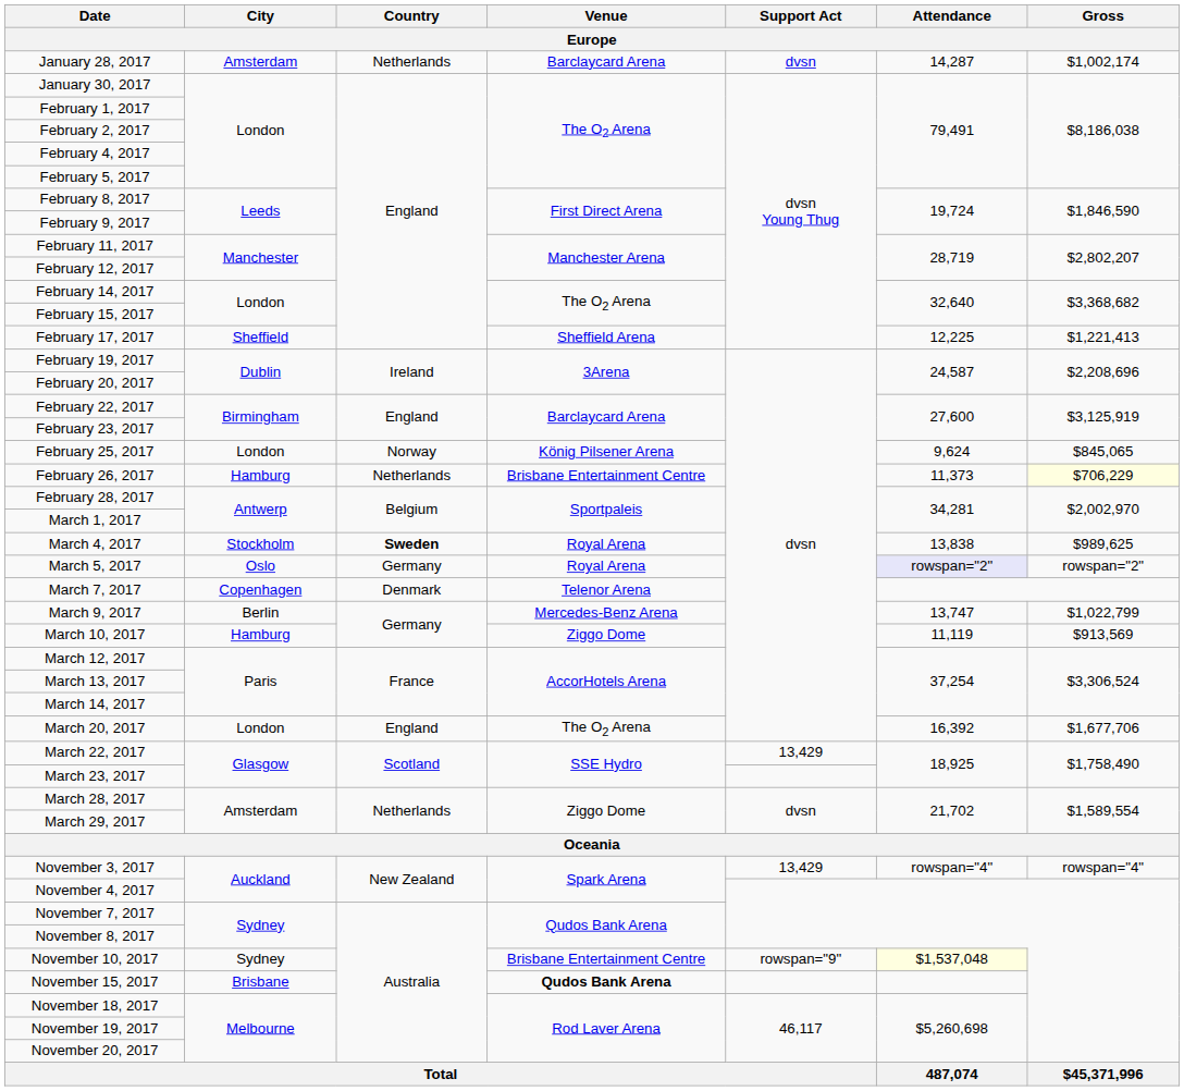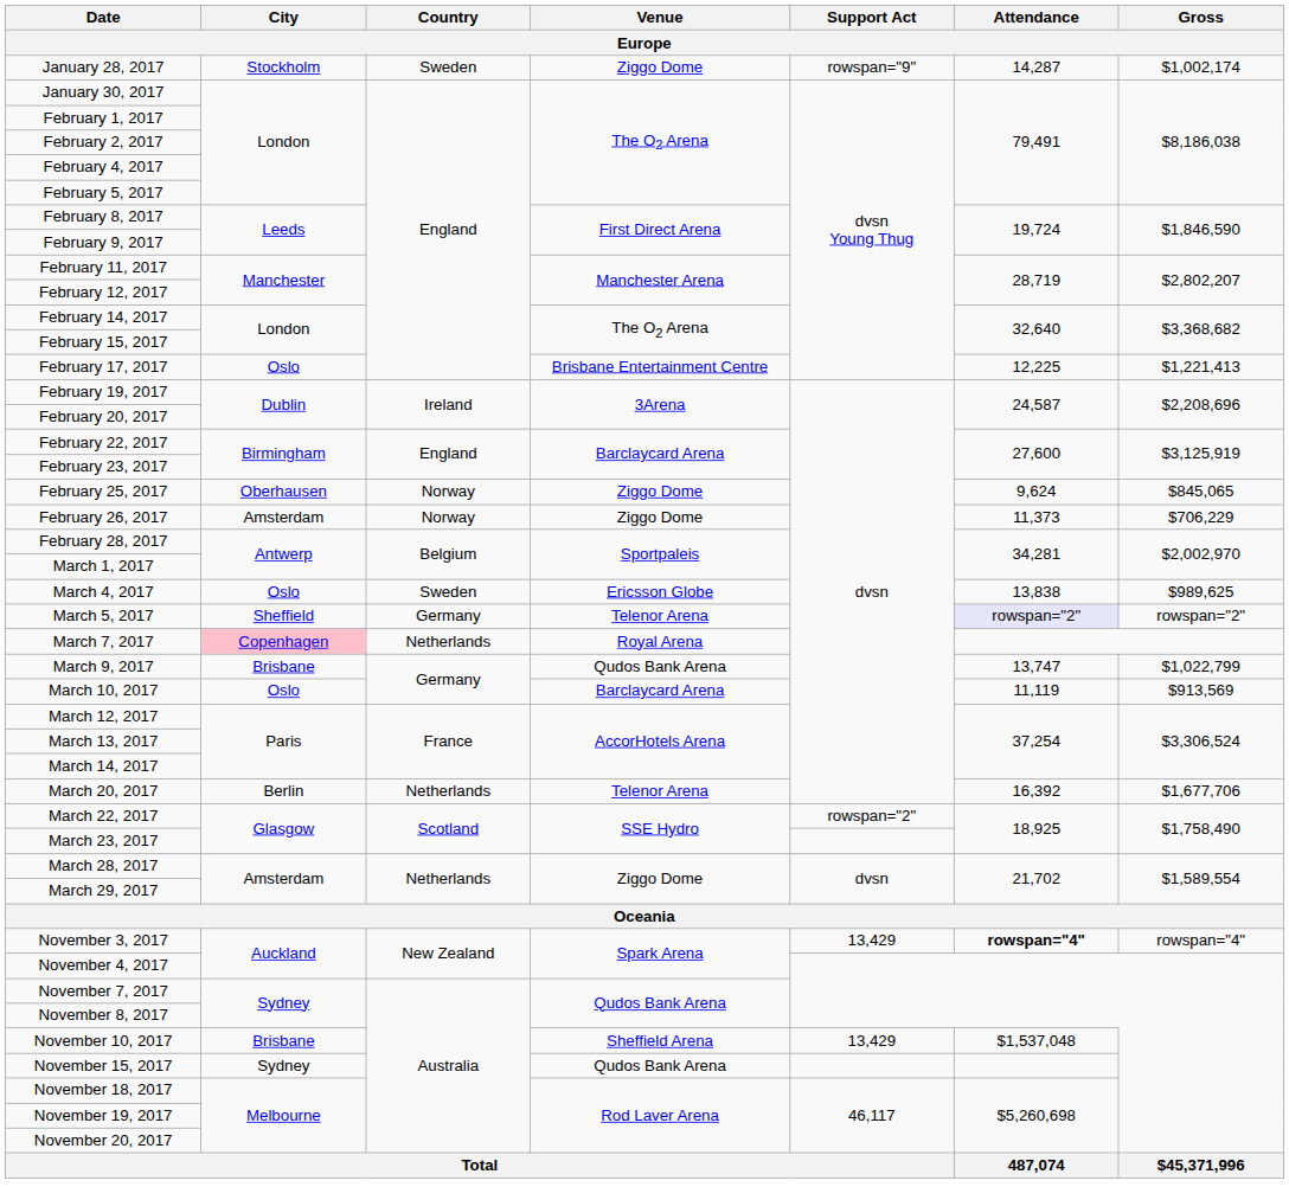 <table class="wikitable" style="text-align:center;">
 <tr>
 <th scope="col" style="width:12em;">Date</th>
 <th scope="col" style="width:10em;">City</th>
 <th scope="col" style="width:10em;">Country</th>
 <th scope="col" style="width:16em;">Venue</th>
 <th scope="col" style="width:10em;">Support Act</th>
 <th scope="col" style="width:10em;">Attendance</th>
 <th scope="col" style="width:10em;">Gross</th>
 </tr>
 <tr>
 <th colspan="7">Europe</th>
 </tr>
 <tr>
 <td>January 28, 2017</td>
-<td><a href='#'>Amsterdam</a></td>
-<td>Netherlands</td>
-<td><a href='#'>Barclaycard Arena</a></td>
-<td><a href='#'>dvsn</a></td>
+<td><a href='#'>Stockholm</a></td>
+<td>Sweden</td>
+<td><a href='#'>Ziggo Dome</a></td>
+<td>rowspan="9" </td>
 <td>14,287</td>
 <td>$1,002,174</td>
 </tr>
 <tr>
 <td>January 30, 2017</td>
 <td rowspan="5">London</td>
 <td rowspan="12">England</td>
 <td rowspan="5"><a href='#'>The O<sub>2</sub> Arena</a></td>
 <td rowspan="12">dvsn<br><a href='#'>Young Thug</a></td>
 <td rowspan="5">79,491</td>
 <td rowspan="5">$8,186,038</td>
 </tr>
 <tr>
 <td>February 1, 2017</td>
 </tr>
 <tr>
 <td>February 2, 2017</td>
 </tr>
 <tr>
 <td>February 4, 2017</td>
 </tr>
 <tr>
 <td>February 5, 2017</td>
 </tr>
 <tr>
 <td>February 8, 2017</td>
 <td rowspan="2"><a href='#'>Leeds</a></td>
 <td rowspan="2"><a href='#'>First Direct Arena</a></td>
 <td rowspan="2">19,724</td>
 <td rowspan="2">$1,846,590</td>
 </tr>
 <tr>
 <td>February 9, 2017</td>
 </tr>
 <tr>
 <td>February 11, 2017</td>
 <td rowspan="2"><a href='#'>Manchester</a></td>
 <td rowspan="2"><a href='#'>Manchester Arena</a></td>
 <td rowspan="2">28,719</td>
 <td rowspan="2">$2,802,207</td>
 </tr>
 <tr>
 <td>February 12, 2017</td>
 </tr>
 <tr>
 <td>February 14, 2017</td>
 <td rowspan="2">London</td>
 <td rowspan="2">The O<sub>2</sub> Arena</td>
 <td rowspan="2">32,640</td>
 <td rowspan="2">$3,368,682</td>
 </tr>
 <tr>
 <td>February 15, 2017</td>
 </tr>
 <tr>
 <td>February 17, 2017</td>
-<td><a href='#'>Sheffield</a></td>
-<td><a href='#'>Sheffield Arena</a></td>
+<td><a href='#'>Oslo</a></td>
+<td><a href='#'>Brisbane Entertainment Centre</a></td>
 <td>12,225</td>
 <td>$1,221,413</td>
 </tr>
 <tr>
 <td>February 19, 2017</td>
 <td rowspan="2"><a href='#'>Dublin</a></td>
 <td rowspan="2">Ireland</td>
 <td rowspan="2"><a href='#'>3Arena</a></td>
 <td rowspan="17">dvsn</td>
 <td rowspan="2">24,587</td>
 <td rowspan="2">$2,208,696</td>
 </tr>
 <tr>
 <td>February 20, 2017</td>
 </tr>
 <tr>
 <td>February 22, 2017</td>
 <td rowspan="2"><a href='#'>Birmingham</a></td>
 <td rowspan="2">England</td>
 <td rowspan="2"><a href='#'>Barclaycard Arena</a></td>
 <td rowspan="2">27,600</td>
 <td rowspan="2">$3,125,919</td>
 </tr>
 <tr>
 <td>February 23, 2017</td>
 </tr>
 <tr>
 <td>February 25, 2017</td>
-<td>London</td>
+<td><a href='#'>Oberhausen</a></td>
 <td>Norway</td>
-<td><a href='#'>König Pilsener Arena</a></td>
+<td><a href='#'>Ziggo Dome</a></td>
 <td>9,624</td>
 <td>$845,065</td>
 </tr>
 <tr>
 <td>February 26, 2017</td>
-<td><a href='#'>Hamburg</a></td>
-<td>Netherlands</td>
-<td><a href='#'>Brisbane Entertainment Centre</a></td>
+<td>Amsterdam</td>
+<td>Norway</td>
+<td>Ziggo Dome</td>
 <td>11,373</td>
-<td style="background: lightyellow;">$706,229</td>
+<td>$706,229</td>
 </tr>
 <tr>
 <td>February 28, 2017</td>
 <td rowspan="2"><a href='#'>Antwerp</a></td>
 <td rowspan="2">Belgium</td>
 <td rowspan="2"><a href='#'>Sportpaleis</a></td>
 <td rowspan="2">34,281</td>
 <td rowspan="2">$2,002,970</td>
 </tr>
 <tr>
 <td>March 1, 2017</td>
 </tr>
 <tr>
 <td>March 4, 2017</td>
-<td><a href='#'>Stockholm</a></td>
-<td><strong>Sweden</strong></td>
-<td><a href='#'>Royal Arena</a></td>
+<td><a href='#'>Oslo</a></td>
+<td>Sweden</td>
+<td><a href='#'>Ericsson Globe</a></td>
 <td>13,838</td>
 <td>$989,625</td>
 </tr>
 <tr>
 <td>March 5, 2017</td>
-<td><a href='#'>Oslo</a></td>
+<td><a href='#'>Sheffield</a></td>
 <td>Germany</td>
-<td><a href='#'>Royal Arena</a></td>
+<td><a href='#'>Telenor Arena</a></td>
 <td style="background: lavender;">rowspan="2" </td>
 <td>rowspan="2" </td>
 </tr>
 <tr>
 <td>March 7, 2017</td>
-<td><a href='#'>Copenhagen</a></td>
-<td>Denmark</td>
-<td><a href='#'>Telenor Arena</a></td>
+<td style="background: pink;"><a href='#'>Copenhagen</a></td>
+<td>Netherlands</td>
+<td><a href='#'>Royal Arena</a></td>
 </tr>
 <tr>
 <td>March 9, 2017</td>
-<td>Berlin</td>
+<td><a href='#'>Brisbane</a></td>
 <td rowspan="2">Germany</td>
-<td><a href='#'>Mercedes-Benz Arena</a></td>
+<td>Qudos Bank Arena</td>
 <td>13,747</td>
 <td>$1,022,799</td>
 </tr>
 <tr>
 <td>March 10, 2017</td>
-<td><a href='#'>Hamburg</a></td>
-<td><a href='#'>Ziggo Dome</a></td>
+<td><a href='#'>Oslo</a></td>
+<td><a href='#'>Barclaycard Arena</a></td>
 <td>11,119</td>
 <td>$913,569</td>
 </tr>
 <tr>
 <td>March 12, 2017</td>
 <td rowspan="3">Paris</td>
 <td rowspan="3">France</td>
 <td rowspan="3"><a href='#'>AccorHotels Arena</a></td>
 <td rowspan="3">37,254</td>
 <td rowspan="3">$3,306,524</td>
 </tr>
 <tr>
 <td>March 13, 2017</td>
 </tr>
 <tr>
 <td>March 14, 2017</td>
 </tr>
 <tr>
 <td>March 20, 2017</td>
-<td>London</td>
-<td>England</td>
-<td>The O<sub>2</sub> Arena</td>
+<td>Berlin</td>
+<td>Netherlands</td>
+<td><a href='#'>Telenor Arena</a></td>
 <td>16,392</td>
 <td>$1,677,706</td>
 </tr>
 <tr>
 <td>March 22, 2017</td>
 <td rowspan="2"><a href='#'>Glasgow</a></td>
 <td rowspan="2"><a href='#'>Scotland</a></td>
 <td rowspan="2"><a href='#'>SSE Hydro</a></td>
-<td>13,429</td>
+<td>rowspan="2" </td>
 <td rowspan="2">18,925</td>
 <td rowspan="2">$1,758,490</td>
 </tr>
 <tr>
 <td>March 23, 2017</td>
 </tr>
 <tr>
 <td>March 28, 2017</td>
 <td rowspan="2">Amsterdam</td>
 <td rowspan="2">Netherlands</td>
 <td rowspan="2">Ziggo Dome</td>
 <td rowspan="2">dvsn</td>
 <td rowspan="2">21,702</td>
 <td rowspan="2">$1,589,554</td>
 </tr>
 <tr>
 <td>March 29, 2017</td>
 </tr>
 <tr>
 <th colspan="7">Oceania</th>
 </tr>
 <tr>
 <td>November 3, 2017</td>
 <td rowspan="2"><a href='#'>Auckland</a></td>
 <td rowspan="2">New Zealand</td>
 <td rowspan="2"><a href='#'>Spark Arena</a></td>
 <td>13,429</td>
-<td>rowspan="4" </td>
+<td><strong>rowspan="4" </strong></td>
 <td>rowspan="4" </td>
 </tr>
 <tr>
 <td>November 4, 2017</td>
 </tr>
 <tr>
 <td>November 7, 2017</td>
 <td rowspan="2"><a href='#'>Sydney</a></td>
 <td rowspan="7">Australia</td>
 <td rowspan="2"><a href='#'>Qudos Bank Arena</a></td>
 </tr>
 <tr>
 <td>November 8, 2017</td>
 </tr>
 <tr>
 <td>November 10, 2017</td>
-<td>Sydney</td>
-<td><a href='#'>Brisbane Entertainment Centre</a></td>
-<td>rowspan="9" </td>
-<td style="background: lightyellow;">$1,537,048</td>
+<td><a href='#'>Brisbane</a></td>
+<td><a href='#'>Sheffield Arena</a></td>
+<td>13,429</td>
+<td>$1,537,048</td>
 </tr>
 <tr>
 <td>November 15, 2017</td>
-<td><a href='#'>Brisbane</a></td>
-<td><strong>Qudos Bank Arena</strong></td>
+<td>Sydney</td>
+<td>Qudos Bank Arena</td>
 <td></td>
 <td></td>
 </tr>
 <tr>
 <td>November 18, 2017</td>
 <td rowspan="3"><a href='#'>Melbourne</a></td>
 <td rowspan="3"><a href='#'>Rod Laver Arena</a></td>
 <td rowspan="3">46,117</td>
 <td rowspan="3">$5,260,698</td>
 </tr>
 <tr>
 <td>November 19, 2017</td>
 </tr>
 <tr>
 <td>November 20, 2017</td>
 </tr>
 <tr>
 <th colspan="5">Total</th>
 <th>487,074</th>
 <th><strong>$45,371,996</strong></th>
 </tr>
 </table>
